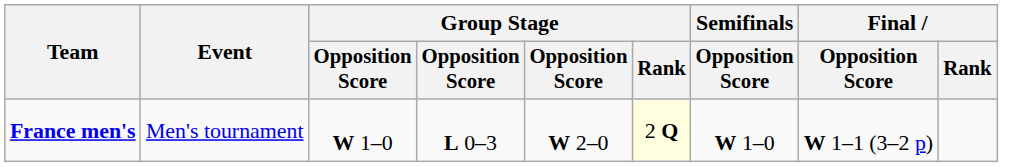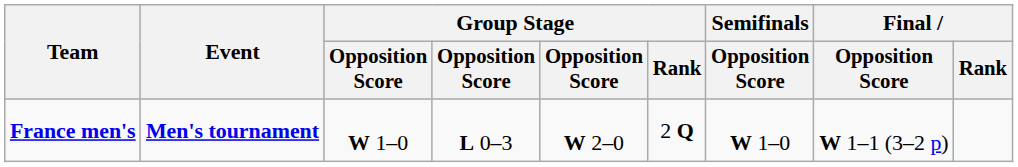 <table class="wikitable" style="font-size:90%;text-align:center">
 <tr>
 <th rowspan="2">Team</th>
 <th rowspan="2">Event</th>
 <th colspan="4">Group Stage</th>
 <th>Semifinals</th>
 <th colspan="2">Final / </th>
 </tr>
 <tr style="font-size:95%">
 <th>Opposition<br>Score</th>
 <th>Opposition<br>Score</th>
 <th>Opposition<br>Score</th>
 <th>Rank</th>
 <th>Opposition<br>Score</th>
 <th>Opposition<br>Score</th>
 <th>Rank</th>
 </tr>
 <tr>
 <td align="left"><strong><a href='#'>France men's</a></strong></td>
-<td align="left"><a href='#'>Men's tournament</a></td>
+<td align="left"><strong><a href='#'>Men's tournament</a></strong></td>
 <td><br><strong>W</strong> 1–0</td>
 <td><br><strong>L</strong> 0–3</td>
 <td><br><strong>W</strong> 2–0</td>
-<td style="background: lightyellow;">2 <strong>Q</strong></td>
+<td>2 <strong>Q</strong></td>
 <td><br><strong>W</strong> 1–0</td>
 <td><br><strong>W</strong> 1–1 (3–2 <a href='#'>p</a>)</td>
 <td></td>
 </tr>
 </table>
